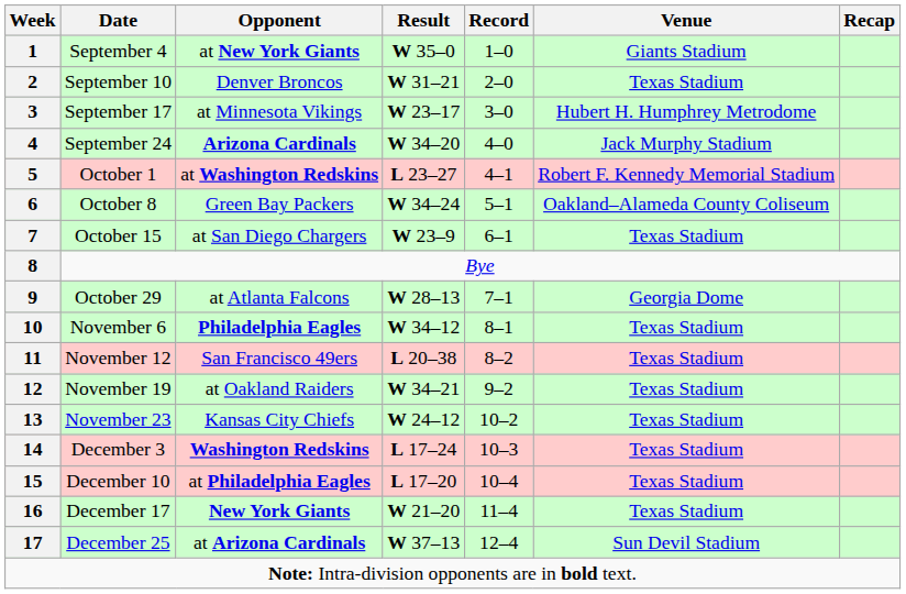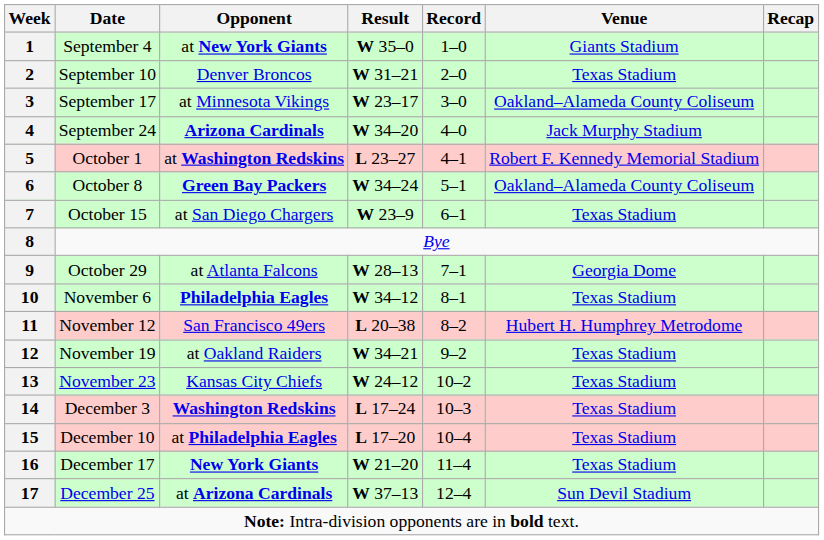 <table class="wikitable" style="text-align:center">
 <tr>
 <th>Week</th>
 <th>Date</th>
 <th>Opponent</th>
 <th>Result</th>
 <th>Record</th>
 <th>Venue</th>
 <th>Recap</th>
 </tr>
 <tr bgcolor="#cfc">
 <th>1</th>
 <td>September 4</td>
 <td>at <strong><a href='#'>New York Giants</a></strong></td>
 <td><strong>W</strong> 35–0</td>
 <td>1–0</td>
 <td><a href='#'>Giants Stadium</a></td>
 <td></td>
 </tr>
 <tr bgcolor="#cfc">
 <th>2</th>
 <td>September 10</td>
 <td><a href='#'>Denver Broncos</a></td>
 <td><strong>W</strong> 31–21</td>
 <td>2–0</td>
 <td><a href='#'>Texas Stadium</a></td>
 <td></td>
 </tr>
 <tr bgcolor="#cfc">
 <th>3</th>
 <td>September 17</td>
 <td>at <a href='#'>Minnesota Vikings</a></td>
 <td><strong>W</strong> 23–17 </td>
 <td>3–0</td>
-<td><a href='#'>Hubert H. Humphrey Metrodome</a></td>
+<td><a href='#'>Oakland–Alameda County Coliseum</a></td>
 <td></td>
 </tr>
 <tr bgcolor="#cfc">
 <th>4</th>
 <td>September 24</td>
 <td><strong><a href='#'>Arizona Cardinals</a></strong></td>
 <td><strong>W</strong> 34–20</td>
 <td>4–0</td>
 <td><a href='#'>Jack Murphy Stadium</a></td>
 <td></td>
 </tr>
 <tr bgcolor="#fcc">
 <th>5</th>
 <td>October 1</td>
 <td>at <strong><a href='#'>Washington Redskins</a></strong></td>
 <td><strong>L</strong> 23–27</td>
 <td>4–1</td>
 <td><a href='#'>Robert F. Kennedy Memorial Stadium</a></td>
 <td></td>
 </tr>
 <tr bgcolor="#cfc">
 <th>6</th>
 <td>October 8</td>
-<td><a href='#'>Green Bay Packers</a></td>
+<td><strong><a href='#'>Green Bay Packers</a></strong></td>
 <td><strong>W</strong> 34–24</td>
 <td>5–1</td>
 <td><a href='#'>Oakland–Alameda County Coliseum</a></td>
 <td></td>
 </tr>
 <tr bgcolor="#cfc">
 <th>7</th>
 <td>October 15</td>
 <td>at <a href='#'>San Diego Chargers</a></td>
 <td><strong>W</strong> 23–9</td>
 <td>6–1</td>
 <td><a href='#'>Texas Stadium</a></td>
 <td></td>
 </tr>
 <tr>
 <th>8</th>
 <td colspan="6" style="text-align:center;"><em><a href='#'>Bye</a></em></td>
 </tr>
 <tr bgcolor="#cfc">
 <th>9</th>
 <td>October 29</td>
 <td>at <a href='#'>Atlanta Falcons</a></td>
 <td><strong>W</strong> 28–13</td>
 <td>7–1</td>
 <td><a href='#'>Georgia Dome</a></td>
 <td></td>
 </tr>
 <tr bgcolor="#cfc">
 <th>10</th>
 <td>November 6</td>
 <td><strong><a href='#'>Philadelphia Eagles</a></strong></td>
 <td><strong>W</strong> 34–12</td>
 <td>8–1</td>
 <td><a href='#'>Texas Stadium</a></td>
 <td></td>
 </tr>
 <tr bgcolor="#fcc">
 <th>11</th>
 <td>November 12</td>
 <td><a href='#'>San Francisco 49ers</a></td>
 <td><strong>L</strong> 20–38</td>
 <td>8–2</td>
-<td><a href='#'>Texas Stadium</a></td>
+<td><a href='#'>Hubert H. Humphrey Metrodome</a></td>
 <td></td>
 </tr>
 <tr bgcolor="#cfc">
 <th>12</th>
 <td>November 19</td>
 <td>at <a href='#'>Oakland Raiders</a></td>
 <td><strong>W</strong> 34–21</td>
 <td>9–2</td>
 <td><a href='#'>Texas Stadium</a></td>
 <td></td>
 </tr>
 <tr bgcolor="#cfc">
 <th>13</th>
 <td><a href='#'>November 23</a></td>
 <td><a href='#'>Kansas City Chiefs</a></td>
 <td><strong>W</strong> 24–12</td>
 <td>10–2</td>
 <td><a href='#'>Texas Stadium</a></td>
 <td></td>
 </tr>
 <tr bgcolor="#fcc">
 <th>14</th>
 <td>December 3</td>
 <td><strong><a href='#'>Washington Redskins</a></strong></td>
 <td><strong>L</strong> 17–24</td>
 <td>10–3</td>
 <td><a href='#'>Texas Stadium</a></td>
 <td></td>
 </tr>
 <tr bgcolor="#fcc">
 <th>15</th>
 <td>December 10</td>
 <td>at <strong><a href='#'>Philadelphia Eagles</a></strong></td>
 <td><strong>L</strong> 17–20</td>
 <td>10–4</td>
 <td><a href='#'>Texas Stadium</a></td>
 <td></td>
 </tr>
 <tr bgcolor="#cfc">
 <th>16</th>
 <td>December 17</td>
 <td><strong><a href='#'>New York Giants</a></strong></td>
 <td><strong>W</strong> 21–20</td>
 <td>11–4</td>
 <td><a href='#'>Texas Stadium</a></td>
 <td></td>
 </tr>
 <tr bgcolor="#cfc">
 <th>17</th>
 <td><a href='#'>December 25</a></td>
 <td>at <strong><a href='#'>Arizona Cardinals</a></strong></td>
 <td><strong>W</strong> 37–13</td>
 <td>12–4</td>
 <td><a href='#'>Sun Devil Stadium</a></td>
 <td></td>
 </tr>
 <tr>
 <td colspan="8"><strong>Note:</strong> Intra-division opponents are in <strong>bold</strong> text.</td>
 </tr>
 </table>
